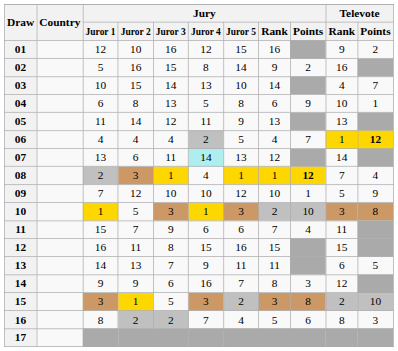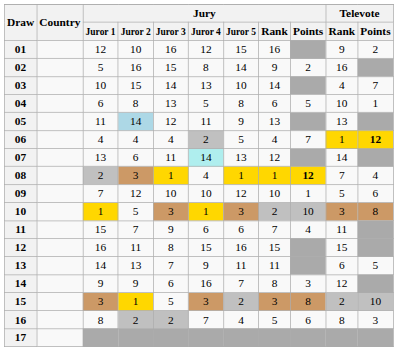 <table class="sortable wikitable collapsible plainrowheaders" style="text-align:center;">
 <tr>
 </tr>
 <tr>
 <th scope="col" rowspan="2">Draw</th>
 <th scope="col" rowspan="2">Country</th>
 <th scope="col" colspan="7">Jury</th>
 <th scope="col" colspan="2">Televote</th>
 </tr>
 <tr>
 <th scope="col"><small>Juror 1</small></th>
 <th scope="col"><small>Juror 2</small></th>
 <th scope="col"><small>Juror 3</small></th>
 <th scope="col"><small>Juror 4</small></th>
 <th scope="col"><small>Juror 5</small></th>
 <th scope="col">Rank</th>
 <th scope="col">Points</th>
 <th scope="col">Rank</th>
 <th scope="col">Points</th>
 </tr>
 <tr>
 <th scope="row" style="text-align:center;">01</th>
 <td style="text-align:left;"></td>
 <td>12</td>
 <td>10</td>
 <td>16</td>
 <td>12</td>
 <td>15</td>
 <td>16</td>
 <td style="background:#AAAAAA;"></td>
 <td>9</td>
 <td>2</td>
 </tr>
 <tr>
 <th scope="row" style="text-align:center;">02</th>
 <td style="text-align:left;"></td>
 <td>5</td>
 <td>16</td>
 <td>15</td>
 <td>8</td>
 <td>14</td>
 <td>9</td>
 <td>2</td>
 <td>16</td>
 <td style="background:#AAAAAA;"></td>
 </tr>
 <tr>
 <th scope="row" style="text-align:center;">03</th>
 <td style="text-align:left;"></td>
 <td>10</td>
 <td>15</td>
 <td>14</td>
 <td>13</td>
 <td>10</td>
 <td>14</td>
 <td style="background:#AAAAAA;"></td>
 <td>4</td>
 <td>7</td>
 </tr>
 <tr>
 <th scope="row" style="text-align:center;">04</th>
 <td style="text-align:left;"></td>
 <td>6</td>
 <td>8</td>
 <td>13</td>
 <td>5</td>
 <td>8</td>
 <td>6</td>
-<td>9</td>
+<td>5</td>
 <td>10</td>
 <td>1</td>
 </tr>
 <tr>
 <th scope="row" style="text-align:center;">05</th>
 <td style="text-align:left;"></td>
 <td>11</td>
-<td>14</td>
+<td style="background: lightblue;">14</td>
 <td>12</td>
 <td>11</td>
 <td>9</td>
 <td>13</td>
 <td style="background:#AAAAAA;"></td>
 <td>13</td>
 <td style="background:#AAAAAA;"></td>
 </tr>
 <tr>
 <th scope="row" style="text-align:center;">06</th>
 <td style="text-align:left;"></td>
 <td>4</td>
 <td>4</td>
 <td>4</td>
 <td style="background:silver;">2</td>
 <td>5</td>
 <td>4</td>
 <td>7</td>
 <td style="background:gold;">1</td>
 <td style="background:gold;"><strong>12</strong></td>
 </tr>
 <tr>
 <th scope="row" style="text-align:center;">07</th>
 <td style="text-align:left;"></td>
 <td>13</td>
 <td>6</td>
 <td>11</td>
 <td style="background: paleturquoise;">14</td>
 <td>13</td>
 <td>12</td>
 <td style="background:#AAAAAA;"></td>
 <td>14</td>
 <td style="background:#AAAAAA;"></td>
 </tr>
 <tr>
 <th scope="row" style="text-align:center;">08</th>
 <td style="text-align:left;"></td>
 <td style="background:silver;">2</td>
 <td style="background:#CC9966;">3</td>
 <td style="background:gold;">1</td>
 <td>4</td>
 <td style="background:gold;">1</td>
 <td style="background:gold;">1</td>
 <td style="background:gold;"><strong>12</strong></td>
 <td>7</td>
 <td>4</td>
 </tr>
 <tr>
 <th scope="row" style="text-align:center;">09</th>
 <td style="text-align:left;"></td>
 <td>7</td>
 <td>12</td>
 <td>10</td>
 <td>10</td>
 <td>12</td>
 <td>10</td>
 <td>1</td>
 <td>5</td>
-<td>9</td>
+<td>6</td>
 </tr>
 <tr>
 <th scope="row" style="text-align:center;">10</th>
 <td style="text-align:left;"></td>
 <td style="background:gold;">1</td>
 <td>5</td>
 <td style="background:#CC9966;">3</td>
 <td style="background:gold;">1</td>
 <td style="background:#CC9966;">3</td>
 <td style="background:silver;">2</td>
 <td style="background:silver;">10</td>
 <td style="background:#CC9966;">3</td>
 <td style="background:#CC9966;">8</td>
 </tr>
 <tr>
 <th scope="row" style="text-align:center;">11</th>
 <td style="text-align:left;"></td>
 <td>15</td>
 <td>7</td>
 <td>9</td>
 <td>6</td>
 <td>6</td>
 <td>7</td>
 <td>4</td>
 <td>11</td>
 <td style="background:#AAAAAA;"></td>
 </tr>
 <tr>
 <th scope="row" style="text-align:center;">12</th>
 <td style="text-align:left;"></td>
 <td>16</td>
 <td>11</td>
 <td>8</td>
 <td>15</td>
 <td>16</td>
 <td>15</td>
 <td style="background:#AAAAAA;"></td>
 <td>15</td>
 <td style="background:#AAAAAA;"></td>
 </tr>
 <tr>
 <th scope="row" style="text-align:center;">13</th>
 <td style="text-align:left;"></td>
 <td>14</td>
 <td>13</td>
 <td>7</td>
 <td>9</td>
 <td>11</td>
 <td>11</td>
 <td style="background:#AAAAAA;"></td>
 <td>6</td>
 <td>5</td>
 </tr>
 <tr>
 <th scope="row" style="text-align:center;">14</th>
 <td style="text-align:left;"></td>
 <td>9</td>
 <td>9</td>
 <td>6</td>
 <td>16</td>
 <td>7</td>
 <td>8</td>
 <td>3</td>
 <td>12</td>
 <td style="background:#AAAAAA;"></td>
 </tr>
 <tr>
 <th scope="row" style="text-align:center;">15</th>
 <td style="text-align:left;"></td>
 <td style="background:#CC9966;">3</td>
 <td style="background:gold;">1</td>
 <td>5</td>
 <td style="background:#CC9966;">3</td>
 <td style="background:silver;">2</td>
 <td style="background:#CC9966;">3</td>
 <td style="background:#CC9966;">8</td>
 <td style="background:silver;">2</td>
 <td style="background:silver;">10</td>
 </tr>
 <tr>
 <th scope="row" style="text-align:center;">16</th>
 <td style="text-align:left;"></td>
 <td>8</td>
 <td style="background:silver;">2</td>
 <td style="background:silver;">2</td>
 <td>7</td>
 <td>4</td>
 <td>5</td>
 <td>6</td>
 <td>8</td>
 <td>3</td>
 </tr>
 <tr class="sortbottom">
 <th scope="row" style="text-align:center;">17</th>
 <td style="text-align:left;"></td>
 <td style="background:#AAAAAA;"></td>
 <td style="background:#AAAAAA;"></td>
 <td style="background:#AAAAAA;"></td>
 <td style="background:#AAAAAA;"></td>
 <td style="background:#AAAAAA;"></td>
 <td style="background:#AAAAAA;"></td>
 <td style="background:#AAAAAA;"></td>
 <td style="background:#AAAAAA;"></td>
 <td style="background:#AAAAAA;"></td>
 </tr>
 </table>
